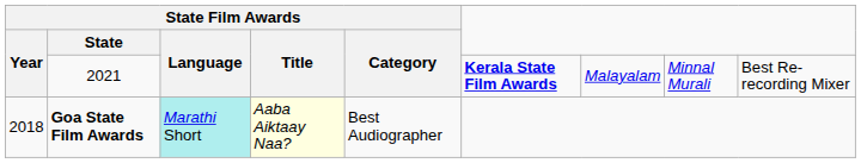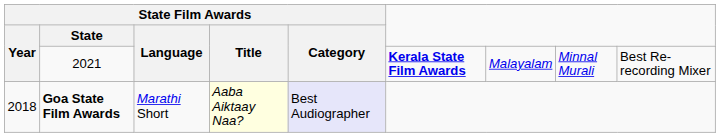 <table class="wikitable sortable">
 <tr>
 <th colspan="5">State Film Awards</th>
 </tr>
 <tr>
 <th rowspan="2">Year</th>
 <th owspan="2">State</th>
 <th rowspan="2">Language</th>
 <th rowspan="2">Title</th>
 <th rowspan="2">Category</th>
 </tr>
 <tr align="center">
 <td align="center" rowspan="1">2021</td>
 <td align="left"><strong><a href='#'>Kerala State Film Awards</a></strong></td>
 <td align="left"><em><a href='#'>Malayalam</a></em></td>
 <td align="left"><em><a href='#'>Minnal Murali</a></em></td>
 <td align="left">Best Re-recording Mixer</td>
 </tr>
 <tr align="center">
 <td align="center" rowspan="1">2018</td>
 <td align="left"><strong>Goa State Film Awards</strong></td>
-<td align="left" style="background: paleturquoise;"><em><a href='#'>Marathi</a></em> Short</td>
+<td align="left"><em><a href='#'>Marathi</a></em> Short</td>
 <td align="left" style="background: lightyellow;"><em>Aaba Aiktaay Naa?</em></td>
-<td align="left">Best Audiographer</td>
+<td align="left" style="background: lavender;">Best Audiographer</td>
 </tr>
 </table>
